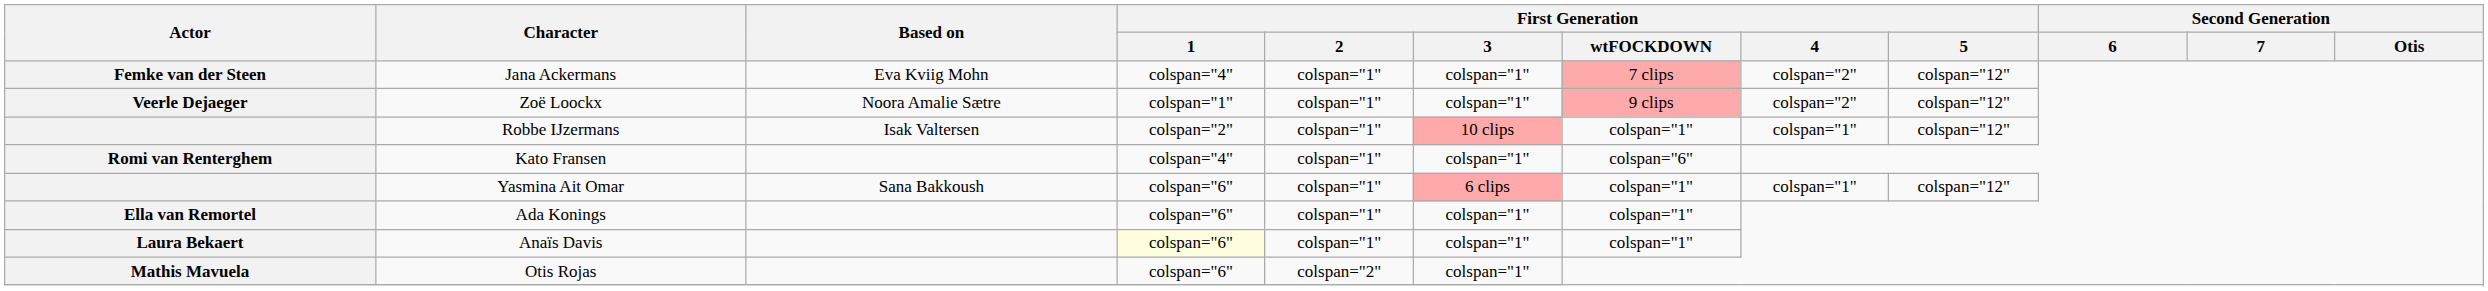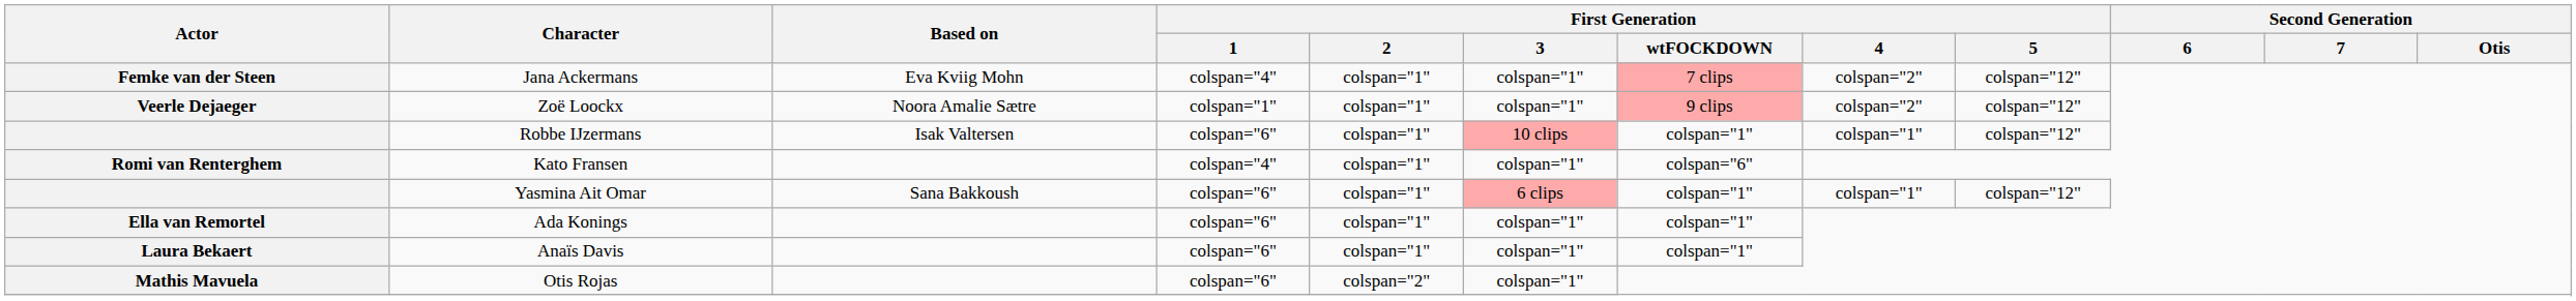 <table class="wikitable plainrowheaders" style="text-align:center; font-size:85%; width:100%">
 <tr>
 <th scope="col" rowspan="2" style="width:10%;">Actor</th>
 <th scope="col" rowspan="2" style="width:10%;">Character</th>
 <th scope="col" rowspan="2" style="width:10%;">Based on</th>
 <th colspan="6">First Generation</th>
 <th colspan="5">Second Generation</th>
 </tr>
 <tr>
 <th scope="col" style="width:4%;">1</th>
 <th scope="col" style="width:4%;">2</th>
 <th scope="col" style="width:4%;">3</th>
 <th scope="col" style="width:4%;">wtFOCKDOWN</th>
 <th scope="col" style="width:4%;">4</th>
 <th scope="col" style="width:4%;">5</th>
 <th scope="col" style="width:4%;">6</th>
 <th scope="col" style="width:4%;">7</th>
 <th scope="col" style="width:4%;">Otis</th>
 </tr>
 <tr>
 <th scope="row">Femke van der Steen</th>
 <td>Jana Ackermans</td>
 <td>Eva Kviig Mohn</td>
 <td>colspan="4" </td>
 <td>colspan="1" </td>
 <td>colspan="1" </td>
 <td style="background-color:#ffaaaa;">7 clips</td>
 <td>colspan="2" </td>
 <td>colspan="12" </td>
 </tr>
 <tr>
 <th scope="row">Veerle Dejaeger</th>
 <td>Zoë Loockx</td>
 <td>Noora Amalie Sætre</td>
 <td>colspan="1" </td>
 <td>colspan="1" </td>
 <td>colspan="1" </td>
 <td style="background-color:#ffaaaa;">9 clips</td>
 <td>colspan="2" </td>
 <td>colspan="12" </td>
 </tr>
 <tr>
 <th scope="row"></th>
 <td>Robbe IJzermans</td>
 <td>Isak Valtersen</td>
-<td>colspan="2" </td>
+<td>colspan="6" </td>
 <td>colspan="1" </td>
 <td style="background-color:#ffaaaa;">10 clips</td>
 <td>colspan="1" </td>
 <td>colspan="1" </td>
 <td>colspan="12" </td>
 </tr>
 <tr>
 <th scope="row">Romi van Renterghem</th>
 <td>Kato Fransen</td>
 <td></td>
 <td>colspan="4" </td>
 <td>colspan="1" </td>
 <td>colspan="1" </td>
 <td>colspan="6" </td>
 </tr>
 <tr>
 <th scope="row"></th>
 <td>Yasmina Ait Omar</td>
 <td>Sana Bakkoush</td>
 <td>colspan="6" </td>
 <td>colspan="1" </td>
 <td style="background-color:#ffaaaa;">6 clips</td>
 <td>colspan="1" </td>
 <td>colspan="1" </td>
 <td>colspan="12" </td>
 </tr>
 <tr>
 <th scope="row">Ella van Remortel</th>
 <td>Ada Konings</td>
 <td></td>
 <td>colspan="6" </td>
 <td>colspan="1" </td>
 <td>colspan="1" </td>
 <td>colspan="1" </td>
 </tr>
 <tr>
 <th scope="row">Laura Bekaert</th>
 <td>Anaïs Davis</td>
 <td></td>
-<td style="background: lightyellow;">colspan="6" </td>
+<td>colspan="6" </td>
 <td>colspan="1" </td>
 <td>colspan="1" </td>
 <td>colspan="1" </td>
 </tr>
 <tr>
 <th scope="row">Mathis Mavuela</th>
 <td>Otis Rojas</td>
 <td></td>
 <td>colspan="6" </td>
 <td>colspan="2" </td>
 <td>colspan="1" </td>
 </tr>
 <tr>
 </tr>
 </table>
